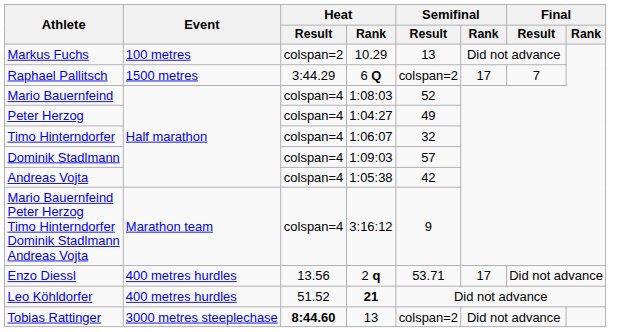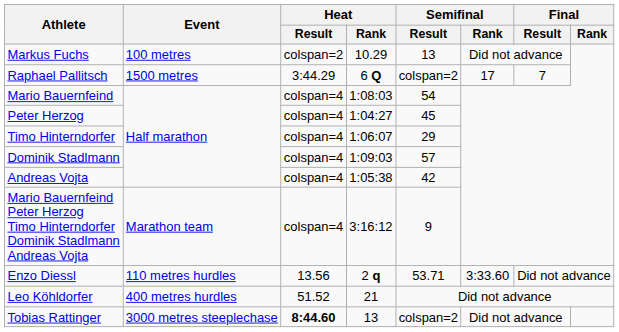 <table class=wikitable style=font-size:90%>
 <tr>
 <th rowspan=2>Athlete</th>
 <th rowspan=2>Event</th>
 <th colspan=2>Heat</th>
 <th colspan=2>Semifinal</th>
 <th colspan=2>Final</th>
 </tr>
 <tr style=font-size:95%>
 <th>Result</th>
 <th>Rank</th>
 <th>Result</th>
 <th>Rank</th>
 <th>Result</th>
 <th>Rank</th>
 </tr>
 <tr align=center>
 <td align=left><a href='#'>Markus Fuchs</a></td>
 <td align=left><a href='#'>100 metres</a></td>
 <td>colspan=2</td>
 <td>10.29</td>
 <td>13</td>
 <td colspan=2>Did not advance</td>
 </tr>
 <tr align=center>
 <td align=left><a href='#'>Raphael Pallitsch</a></td>
 <td align=left><a href='#'>1500 metres</a></td>
 <td>3:44.29</td>
 <td>6 <strong>Q</strong></td>
 <td>colspan=2</td>
 <td>17</td>
 <td>7</td>
 </tr>
 <tr align=center>
 <td align=left><a href='#'>Mario Bauernfeind</a></td>
 <td align=left rowspan=5><a href='#'>Half marathon</a></td>
 <td>colspan=4</td>
 <td>1:08:03</td>
-<td>52</td>
+<td>54</td>
 </tr>
 <tr align=center>
 <td align=left><a href='#'>Peter Herzog</a></td>
 <td>colspan=4</td>
 <td>1:04:27</td>
-<td>49</td>
+<td>45</td>
 </tr>
 <tr align=center>
 <td align=left><a href='#'>Timo Hinterndorfer</a></td>
 <td>colspan=4</td>
 <td>1:06:07 </td>
-<td>32</td>
+<td>29</td>
 </tr>
 <tr align=center>
 <td align=left><a href='#'>Dominik Stadlmann</a></td>
 <td>colspan=4</td>
 <td>1:09:03</td>
 <td>57</td>
 </tr>
 <tr align=center>
 <td align=left><a href='#'>Andreas Vojta</a></td>
 <td>colspan=4</td>
 <td>1:05:38</td>
 <td>42</td>
 </tr>
 <tr align=center>
 <td align=left><a href='#'>Mario Bauernfeind</a><br><a href='#'>Peter Herzog</a><br><a href='#'>Timo Hinterndorfer</a><br><a href='#'>Dominik Stadlmann</a><br><a href='#'>Andreas Vojta</a></td>
 <td align=left><a href='#'>Marathon team</a></td>
 <td>colspan=4</td>
 <td>3:16:12</td>
 <td>9</td>
 </tr>
 <tr align=center>
 <td align=left><a href='#'>Enzo Diessl</a></td>
-<td align=left><a href='#'>400 metres hurdles</a></td>
+<td align=left><a href='#'>110 metres hurdles</a></td>
 <td>13.56</td>
 <td>2 <strong>q</strong></td>
 <td>53.71</td>
-<td>17</td>
+<td>3:33.60</td>
 <td colspan=2>Did not advance</td>
 </tr>
 <tr align=center>
 <td align=left><a href='#'>Leo Köhldorfer</a></td>
 <td align=left><a href='#'>400 metres hurdles</a></td>
 <td>51.52</td>
-<td><strong>21</strong></td>
+<td>21</td>
 <td colspan=4>Did not advance</td>
 </tr>
 <tr align=center>
 <td align=left><a href='#'>Tobias Rattinger</a></td>
 <td align=left><a href='#'>3000 metres steeplechase</a></td>
 <td><strong>8:44.60</strong></td>
 <td>13</td>
 <td>colspan=2</td>
 <td colspan=2>Did not advance</td>
 </tr>
 </table>
